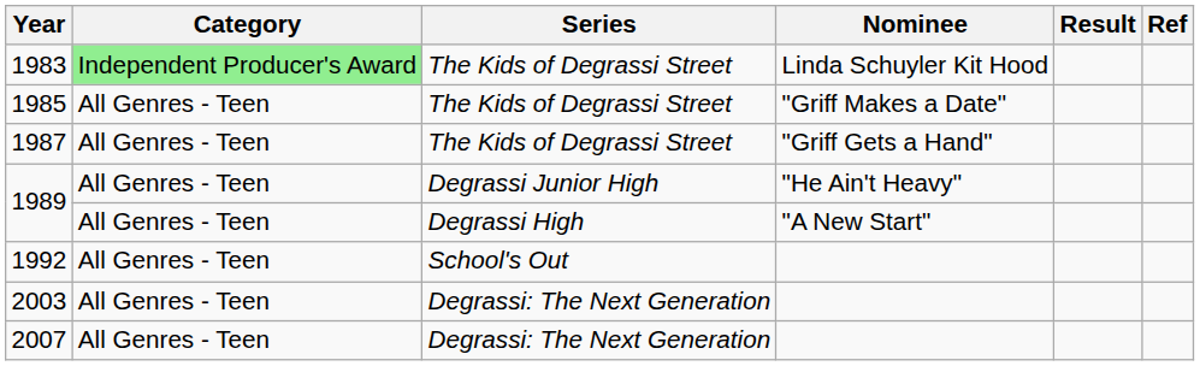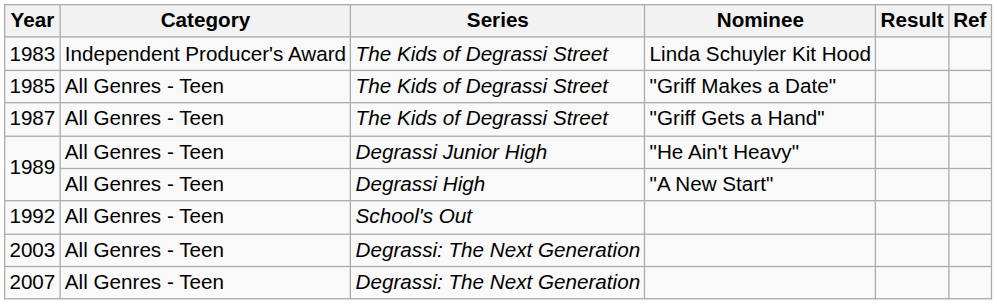 <table class="wikitable">
 <tr>
 <th>Year</th>
 <th>Category</th>
 <th>Series</th>
 <th>Nominee</th>
 <th>Result</th>
 <th>Ref</th>
 </tr>
 <tr>
 <td>1983</td>
-<td style="background: lightgreen;">Independent Producer's Award</td>
+<td>Independent Producer's Award</td>
 <td><em>The Kids of Degrassi Street</em></td>
 <td>Linda Schuyler  Kit Hood</td>
 <td></td>
 <td></td>
 </tr>
 <tr>
 <td>1985</td>
 <td>All Genres - Teen</td>
 <td><em>The Kids of Degrassi Street</em></td>
 <td>"Griff Makes a Date"</td>
 <td></td>
 <td></td>
 </tr>
 <tr>
 <td>1987</td>
 <td>All Genres - Teen</td>
 <td><em>The Kids of Degrassi Street</em></td>
 <td>"Griff Gets a Hand"</td>
 <td></td>
 <td></td>
 </tr>
 <tr>
 <td rowspan=2>1989</td>
 <td>All Genres - Teen</td>
 <td><em>Degrassi Junior High</em></td>
 <td>"He Ain't Heavy"</td>
 <td></td>
 <td></td>
 </tr>
 <tr>
 <td>All Genres - Teen</td>
 <td><em>Degrassi High</em></td>
 <td>"A New Start"</td>
 <td></td>
 <td></td>
 </tr>
 <tr>
 <td>1992</td>
 <td>All Genres - Teen</td>
 <td><em>School's Out</em></td>
 <td></td>
 <td></td>
 <td></td>
 </tr>
 <tr>
 <td>2003</td>
 <td>All Genres - Teen</td>
 <td><em>Degrassi: The Next Generation</em></td>
 <td></td>
 <td></td>
 <td></td>
 </tr>
 <tr>
 <td>2007</td>
 <td>All Genres - Teen</td>
 <td><em>Degrassi: The Next Generation</em></td>
 <td></td>
 <td></td>
 <td></td>
 </tr>
 </table>
